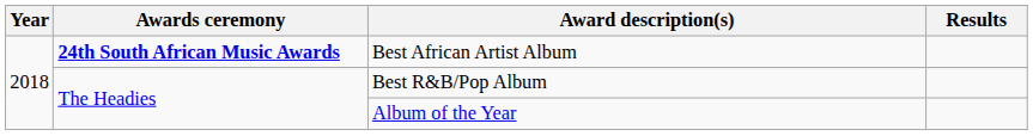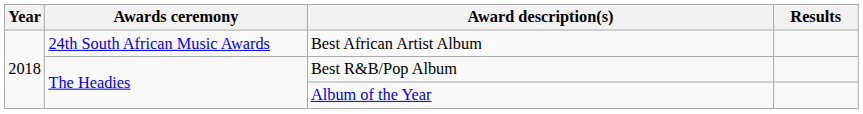 <table class="wikitable">
 <tr>
 <th>Year</th>
 <th style="width:250px;">Awards ceremony</th>
 <th style="width:450px;">Award description(s)</th>
 <th style="width:75px;">Results</th>
 </tr>
 <tr>
 <td rowspan="3">2018</td>
-<td><strong><a href='#'>24th South African Music Awards</a></strong></td>
+<td><a href='#'>24th South African Music Awards</a></td>
 <td>Best African Artist Album</td>
 <td></td>
 </tr>
 <tr>
 <td rowspan="2"><a href='#'>The Headies</a></td>
 <td>Best R&B/Pop Album</td>
 <td></td>
 </tr>
 <tr>
 <td><a href='#'>Album of the Year</a></td>
 <td></td>
 </tr>
 </table>
